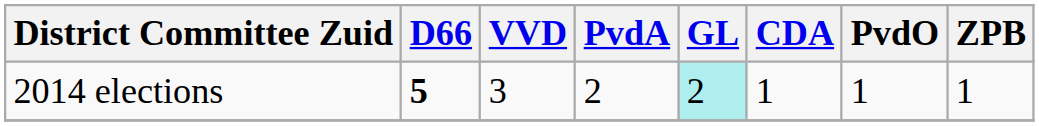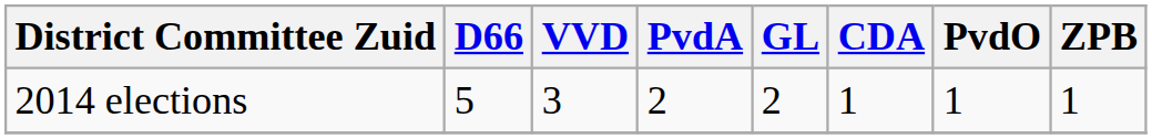 <table class="wikitable">
 <tr>
 <th>District Committee Zuid</th>
 <th><a href='#'>D66</a></th>
 <th><a href='#'>VVD</a></th>
 <th><a href='#'>PvdA</a></th>
 <th><a href='#'>GL</a></th>
 <th><a href='#'>CDA</a></th>
 <th>PvdO</th>
 <th>ZPB</th>
 </tr>
 <tr>
 <td>2014 elections</td>
-<td><strong>5</strong></td>
+<td>5</td>
 <td>3</td>
 <td>2</td>
-<td style="background: paleturquoise;">2</td>
+<td>2</td>
 <td>1</td>
 <td>1</td>
 <td>1</td>
 </tr>
 <tr>
 </tr>
 </table>
